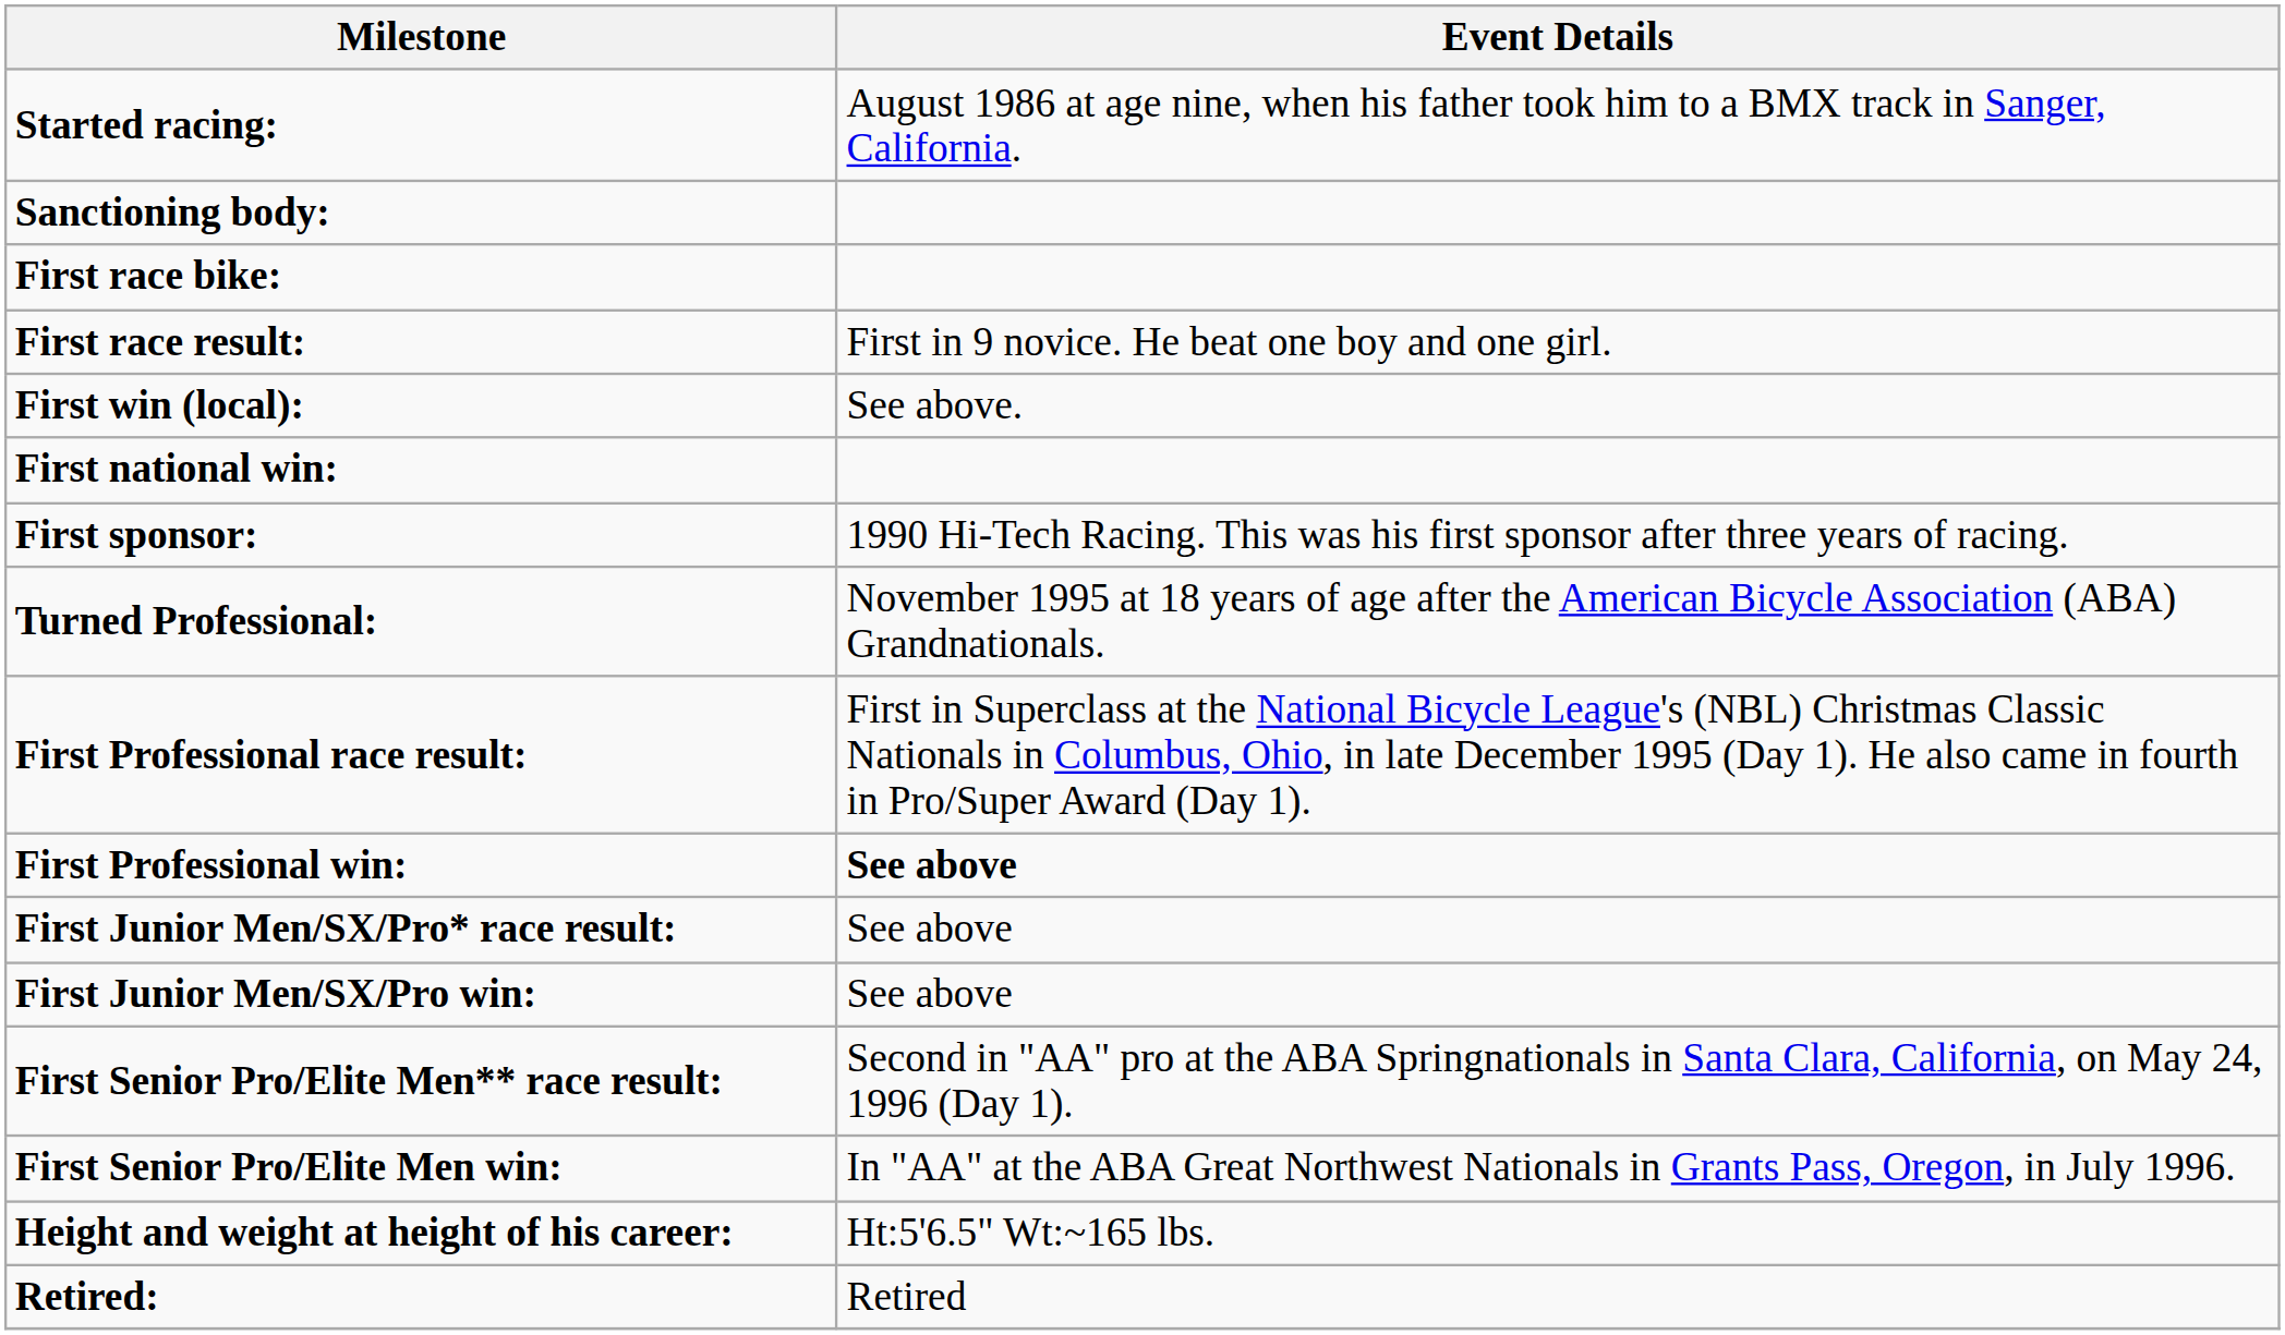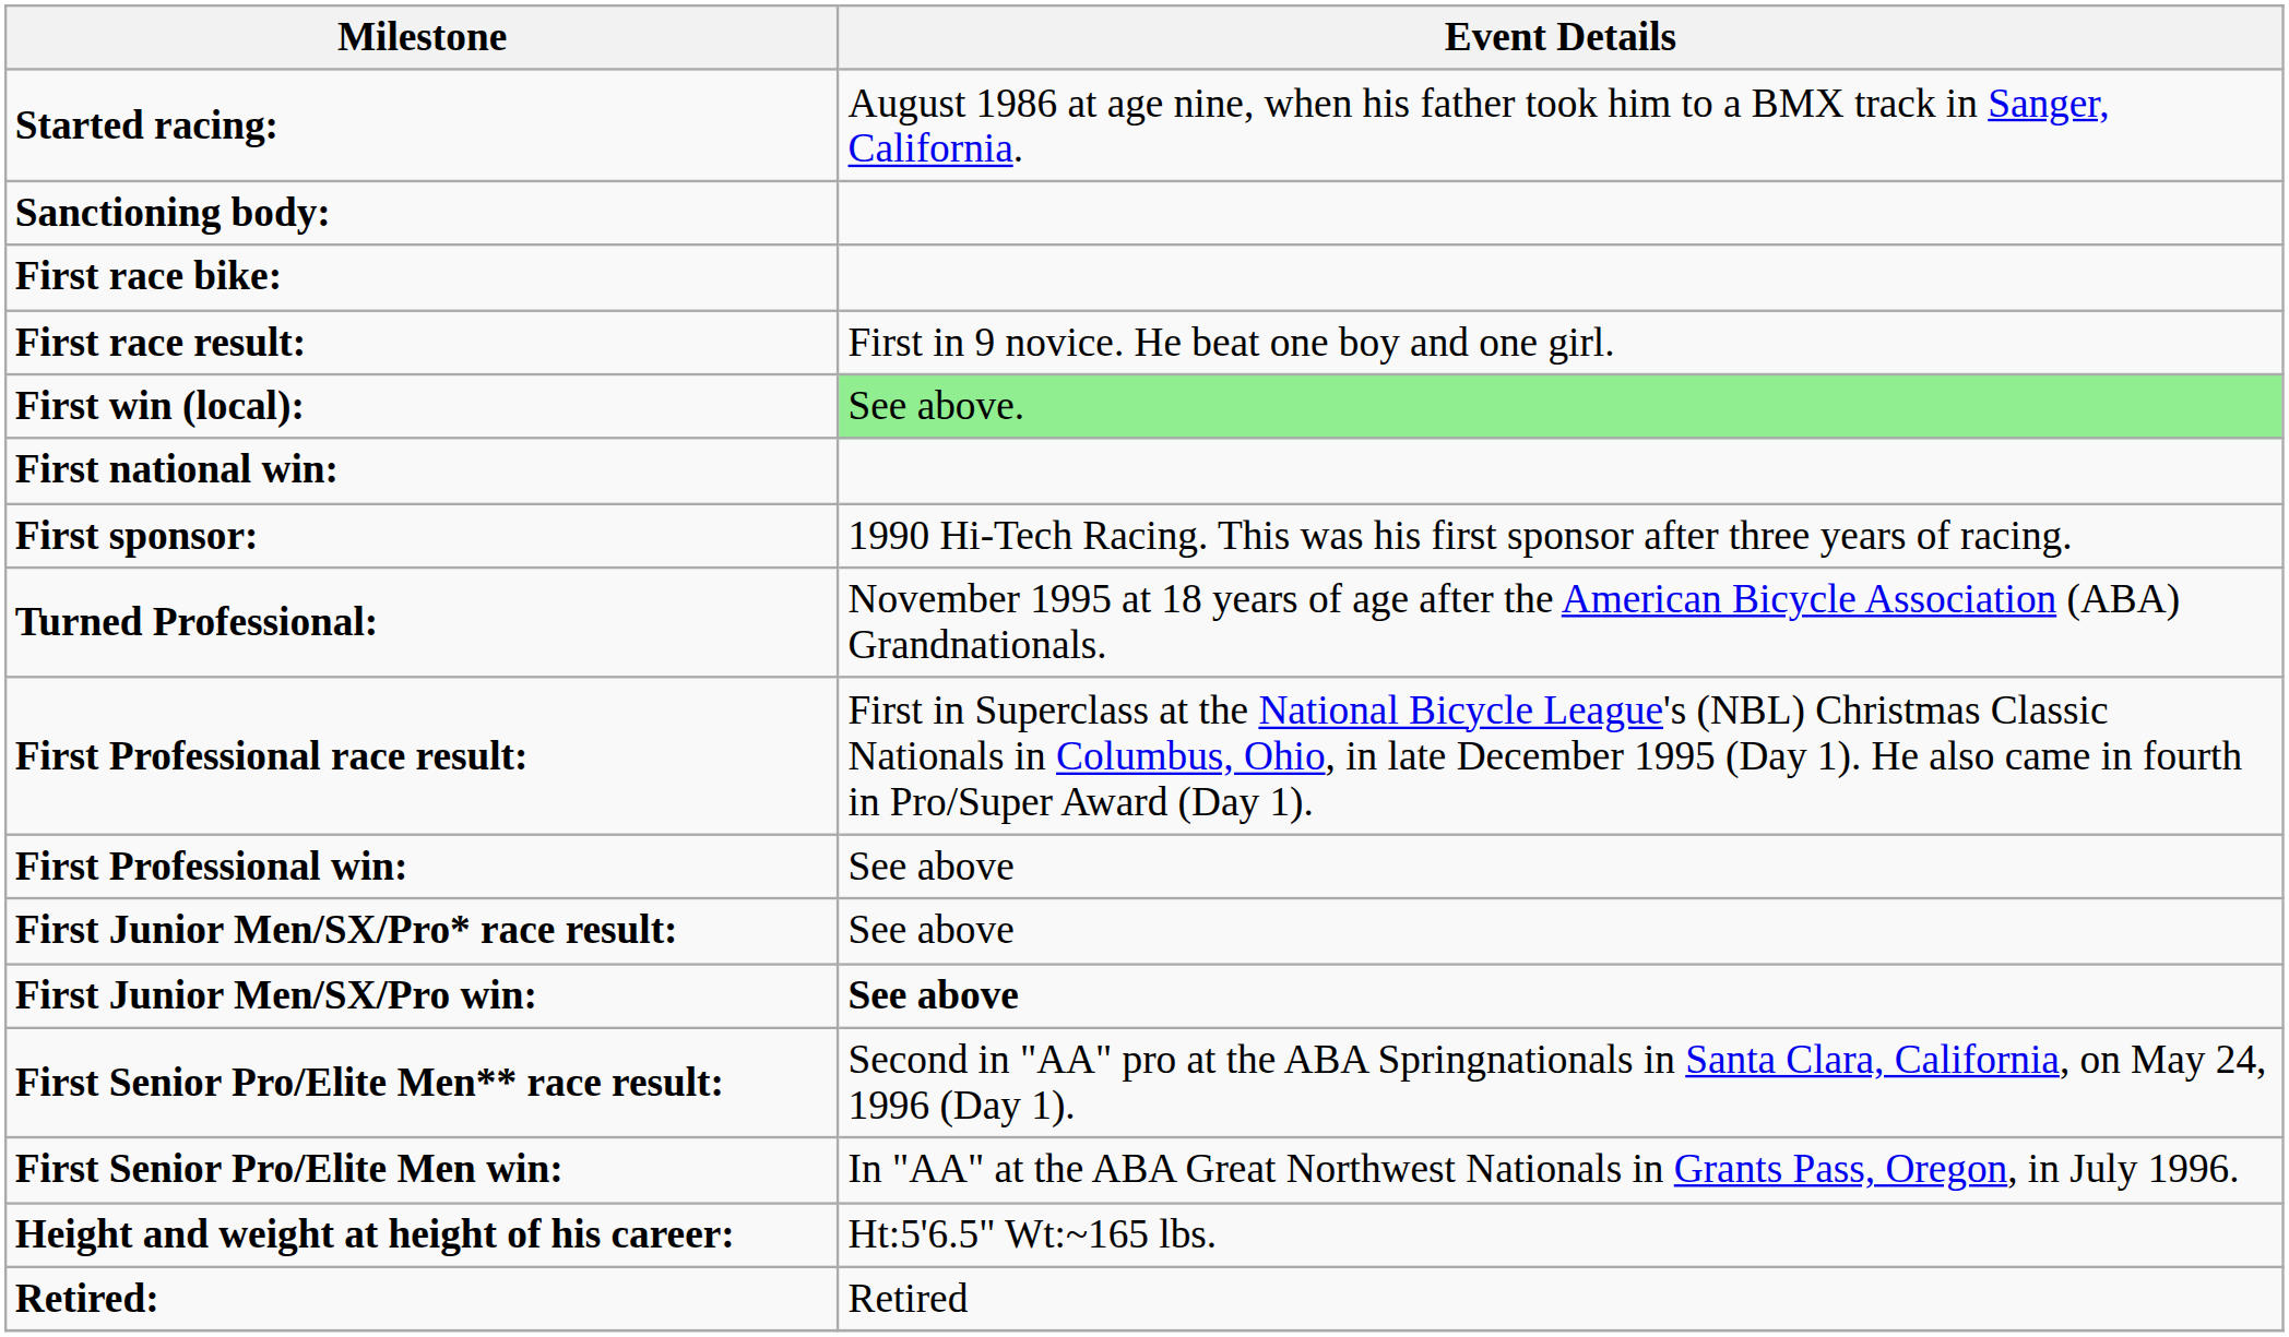 <table class="sortable wikitable">
 <tr>
 <th style="width:20em">Milestone</th>
 <th style="width:35em">Event Details</th>
 </tr>
 <tr>
 <td><strong>Started racing:</strong></td>
 <td>August 1986 at age nine, when his father took him to a BMX track in <a href='#'>Sanger, California</a>.</td>
 </tr>
 <tr>
 <td><strong>Sanctioning body:</strong></td>
 <td></td>
 </tr>
 <tr>
 <td><strong>First race bike:</strong></td>
 <td></td>
 </tr>
 <tr>
 <td><strong>First race result:</strong></td>
 <td>First in 9 novice. He beat one boy and one girl.</td>
 </tr>
 <tr>
 <td><strong>First win (local):</strong></td>
-<td>See above.</td>
+<td style="background: lightgreen;">See above.</td>
 </tr>
 <tr>
 <td><strong>First national win:</strong></td>
 <td></td>
 </tr>
 <tr>
 <td><strong>First sponsor:</strong></td>
 <td>1990 Hi-Tech Racing. This was his first sponsor after three years of racing.</td>
 </tr>
 <tr>
 <td><strong>Turned Professional:</strong></td>
 <td>November 1995 at 18 years of age after the <a href='#'>American Bicycle Association</a> (ABA) Grandnationals.</td>
 </tr>
 <tr>
 <td><strong>First Professional race result:</strong></td>
 <td>First in Superclass at the <a href='#'>National Bicycle League</a>'s (NBL) Christmas Classic Nationals in <a href='#'>Columbus, Ohio</a>, in late December 1995 (Day 1). He also came in fourth in Pro/Super Award (Day 1).</td>
 </tr>
 <tr>
 <td><strong>First Professional win:</strong></td>
-<td><strong>See above</strong></td>
+<td>See above</td>
 </tr>
 <tr>
 <td><strong>First Junior Men/SX/Pro* race result:</strong></td>
 <td>See above</td>
 </tr>
 <tr>
 <td><strong>First Junior Men/SX/Pro win:</strong></td>
-<td>See above</td>
+<td><strong>See above</strong></td>
 </tr>
 <tr>
 <td><strong>First Senior Pro/Elite Men** race result:</strong></td>
 <td>Second in "AA" pro at the ABA Springnationals in <a href='#'>Santa Clara, California</a>, on May 24, 1996 (Day 1).</td>
 </tr>
 <tr>
 <td><strong>First Senior Pro/Elite Men win:</strong></td>
 <td>In "AA" at the ABA Great Northwest Nationals in <a href='#'>Grants Pass, Oregon</a>, in July 1996.</td>
 </tr>
 <tr>
 <td><strong>Height and weight at height of his career:</strong></td>
 <td>Ht:5'6.5" Wt:~165 lbs.</td>
 </tr>
 <tr>
 <td><strong>Retired:</strong></td>
 <td>Retired</td>
 </tr>
 <tr>
 </tr>
 </table>
